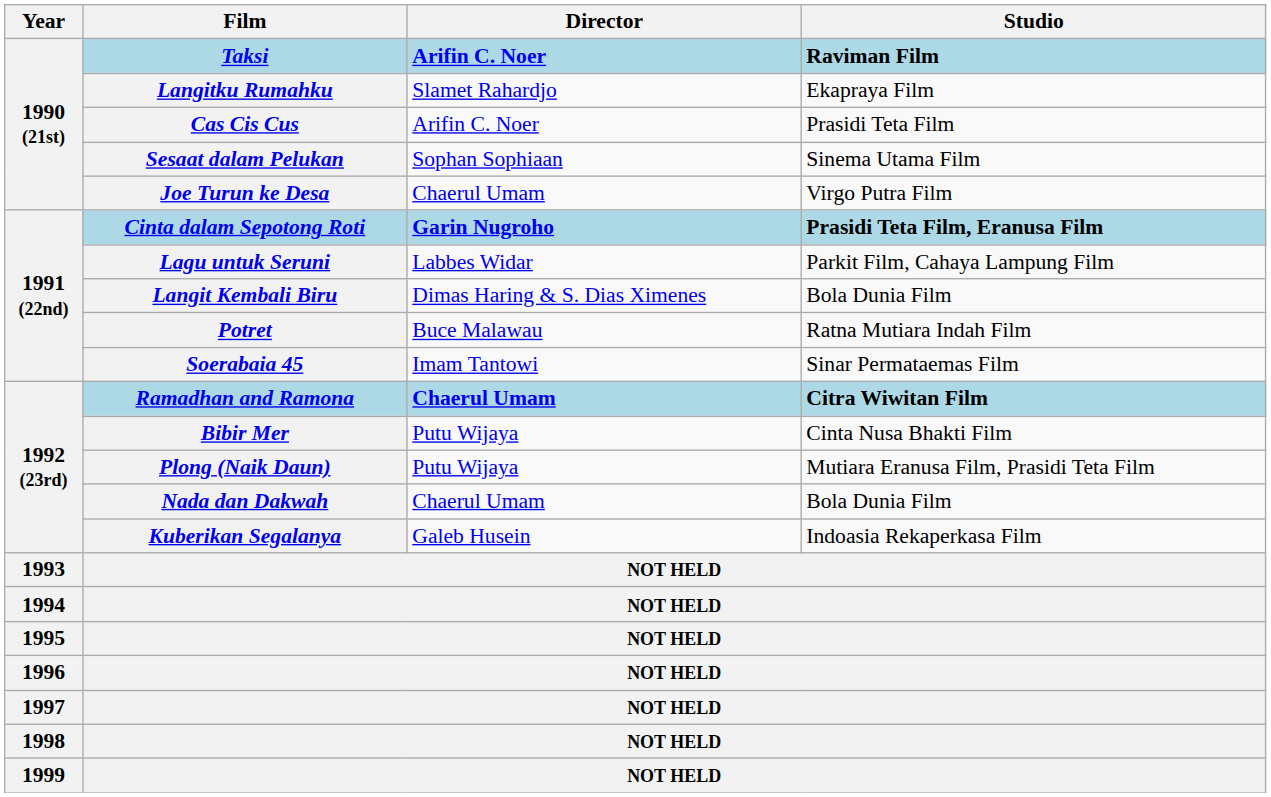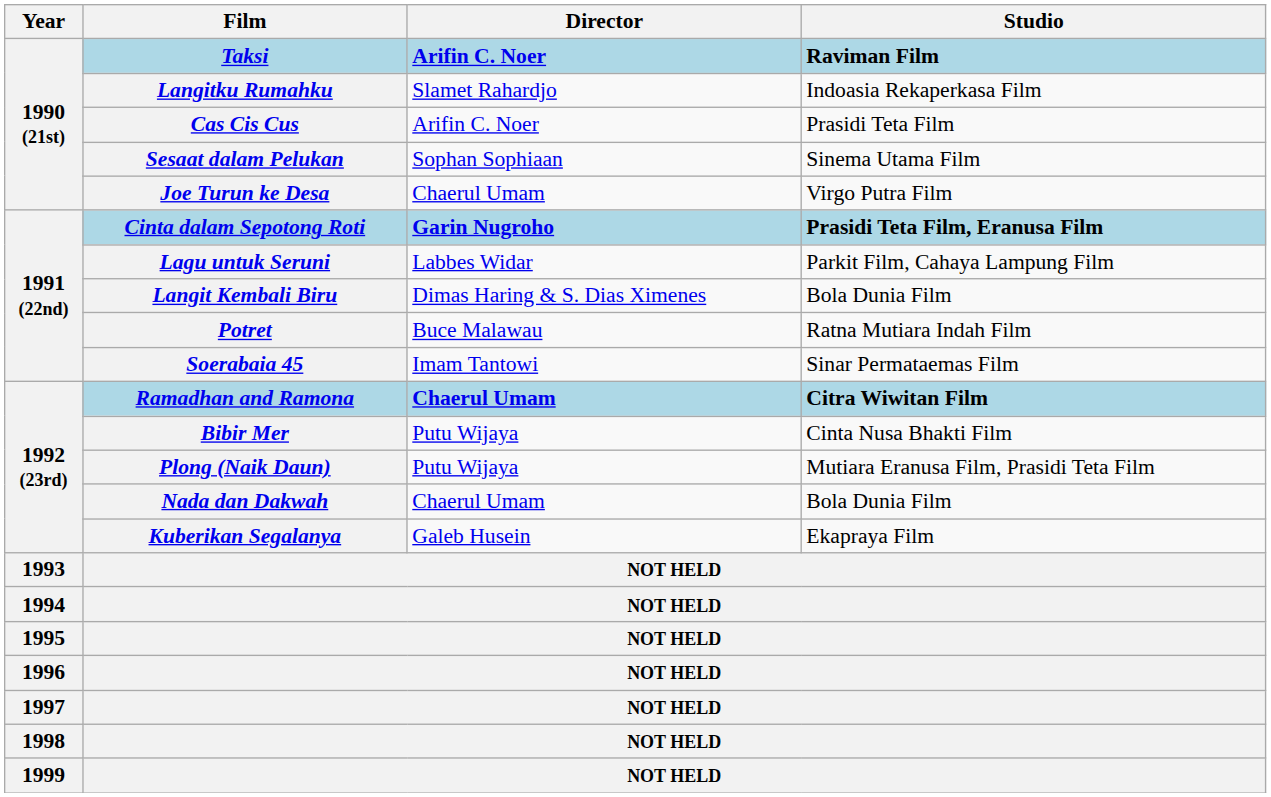 <table class="wikitable plainrowheaders sortable" style="width: 74%;">
 <tr>
 <th scope="col">Year</th>
 <th scope="col">Film</th>
 <th scope="col">Director</th>
 <th scope="col">Studio</th>
 </tr>
 <tr>
 <th scope="row" rowspan="5" style="text-align:center;"><strong>1990</strong><br><small>(21st)</small></th>
 <th scope="row" style="background:lightblue;"><strong><em><a href='#'>Taksi</a></em></strong></th>
 <td style="background:lightblue;"><strong><a href='#'>Arifin C. Noer</a></strong></td>
 <td style="background:lightblue;"><strong>Raviman Film</strong></td>
 </tr>
 <tr>
 <th scope="row"><em><a href='#'>Langitku Rumahku</a></em></th>
 <td><a href='#'>Slamet Rahardjo</a></td>
-<td>Ekapraya Film</td>
+<td>Indoasia Rekaperkasa Film</td>
 </tr>
 <tr>
 <th scope="row"><em><a href='#'>Cas Cis Cus</a></em></th>
 <td><a href='#'>Arifin C. Noer</a></td>
 <td>Prasidi Teta Film</td>
 </tr>
 <tr>
 <th scope="row"><em><a href='#'>Sesaat dalam Pelukan</a></em></th>
 <td><a href='#'>Sophan Sophiaan</a></td>
 <td>Sinema Utama Film</td>
 </tr>
 <tr>
 <th scope="row"><em><a href='#'>Joe Turun ke Desa</a></em></th>
 <td><a href='#'>Chaerul Umam</a></td>
 <td>Virgo Putra Film</td>
 </tr>
 <tr>
 <th scope="row" rowspan="5" style="text-align:center;"><strong>1991</strong><br><small>(22nd)</small></th>
 <th scope="row" style="background:lightblue;"><strong><em><a href='#'>Cinta dalam Sepotong Roti</a></em></strong></th>
 <td style="background:lightblue;"><strong><a href='#'>Garin Nugroho</a></strong></td>
 <td style="background:lightblue;"><strong>Prasidi Teta Film, Eranusa Film</strong></td>
 </tr>
 <tr>
 <th scope="row"><em><a href='#'>Lagu untuk Seruni</a></em></th>
 <td><a href='#'>Labbes Widar</a></td>
 <td>Parkit Film, Cahaya Lampung Film</td>
 </tr>
 <tr>
 <th scope="row"><em><a href='#'>Langit Kembali Biru</a></em></th>
 <td><a href='#'>Dimas Haring & S. Dias Ximenes</a></td>
 <td>Bola Dunia Film</td>
 </tr>
 <tr>
 <th scope="row"><em><a href='#'>Potret</a></em></th>
 <td><a href='#'>Buce Malawau</a></td>
 <td>Ratna Mutiara Indah Film</td>
 </tr>
 <tr>
 <th scope="row"><em><a href='#'>Soerabaia 45</a></em></th>
 <td><a href='#'>Imam Tantowi</a></td>
 <td>Sinar Permataemas Film</td>
 </tr>
 <tr>
 <th scope="row" rowspan="5" style="text-align:center;"><strong>1992</strong><br><small>(23rd)</small></th>
 <th scope="row" style="background:lightblue;"><strong><em><a href='#'>Ramadhan and Ramona</a></em></strong></th>
 <td style="background:lightblue;"><strong><a href='#'>Chaerul Umam</a></strong></td>
 <td style="background:lightblue;"><strong>Citra Wiwitan Film</strong></td>
 </tr>
 <tr>
 <th scope="row"><em><a href='#'>Bibir Mer</a></em></th>
 <td><a href='#'>Putu Wijaya</a></td>
 <td>Cinta Nusa Bhakti Film</td>
 </tr>
 <tr>
 <th scope="row"><em><a href='#'>Plong (Naik Daun)</a></em></th>
 <td><a href='#'>Putu Wijaya</a></td>
 <td>Mutiara Eranusa Film, Prasidi Teta Film</td>
 </tr>
 <tr>
 <th scope="row"><em><a href='#'>Nada dan Dakwah</a></em></th>
 <td><a href='#'>Chaerul Umam</a></td>
 <td>Bola Dunia Film</td>
 </tr>
 <tr>
 <th scope="row"><em><a href='#'>Kuberikan Segalanya</a></em></th>
 <td><a href='#'>Galeb Husein</a></td>
-<td>Indoasia Rekaperkasa Film</td>
+<td>Ekapraya Film</td>
 </tr>
 <tr>
 <th scope="row" style="text-align:center;">1993</th>
 <th colspan="3" scope="row"><small>NOT HELD</small></th>
 </tr>
 <tr>
 <th scope="row" style="text-align:center;">1994</th>
 <th colspan="3" scope="row"><small>NOT HELD</small></th>
 </tr>
 <tr>
 <th scope="row" style="text-align:center;">1995</th>
 <th colspan="3" scope="row"><small>NOT HELD</small></th>
 </tr>
 <tr>
 <th scope="row" style="text-align:center;">1996</th>
 <th colspan="3" scope="row"><small>NOT HELD</small></th>
 </tr>
 <tr>
 <th scope="row" style="text-align:center;">1997</th>
 <th colspan="3" scope="row"><small>NOT HELD</small></th>
 </tr>
 <tr>
 <th scope="row" style="text-align:center;">1998</th>
 <th colspan="3" scope="row"><small>NOT HELD</small></th>
 </tr>
 <tr>
 <th scope="row" style="text-align:center;">1999</th>
 <th colspan="3" scope="row"><small>NOT HELD</small></th>
 </tr>
 </table>
